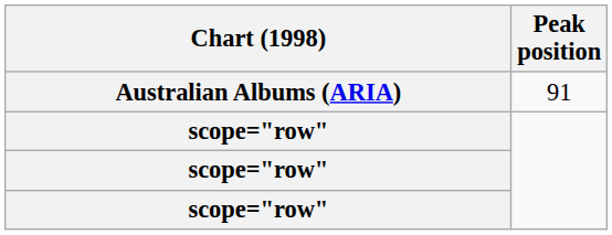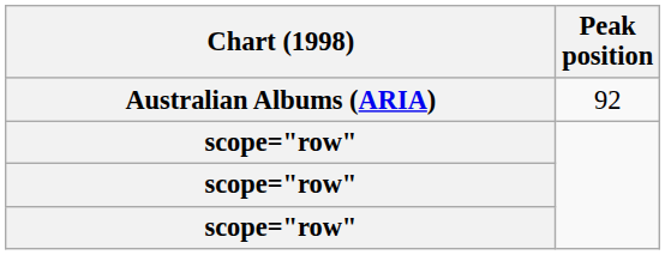 <table class="wikitable plainrowheaders sortable" style="text-align:center;">
 <tr>
 <th scope="col" style="width:20em;">Chart (1998)</th>
 <th scope="col">Peak<br>position</th>
 </tr>
 <tr>
 <th scope="row">Australian Albums (<a href='#'>ARIA</a>)</th>
-<td>91</td>
+<td>92</td>
 </tr>
 <tr>
 <th>scope="row" </th>
 </tr>
 <tr>
 <th>scope="row" </th>
 </tr>
 <tr>
 <th>scope="row" </th>
 </tr>
 </table>
